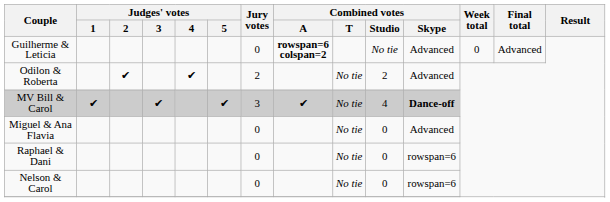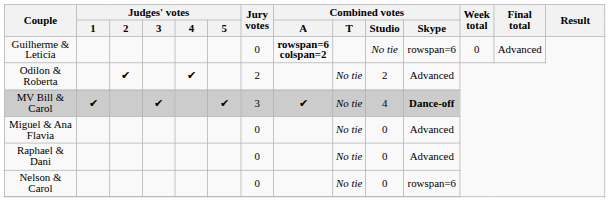 <table class="wikitable" style="font-size:100%; line-height:16px; text-align:center" width="100%">
 <tr>
 <th rowspan=2 width="11.00%">Couple</th>
 <th colspan=5 width="25.00%">Judges' votes</th>
 <th rowspan=2 width="05.00%">Jury<br>votes</th>
 <th colspan=4 width="20.00%">Combined votes</th>
 <th rowspan=2 width="05.00%">Week<br>total</th>
 <th rowspan=2 width="05.00%">Final<br>total</th>
 <th rowspan=2 width="09.00%">Result</th>
 </tr>
 <tr>
 <th width="05.00%">1</th>
 <th width="05.00%">2</th>
 <th width="05.00%">3</th>
 <th width="05.00%">4</th>
 <th width="05.00%">5</th>
 <th width="05.00%">A</th>
 <th width="05.00%">T</th>
 <th width="05.00%">Studio</th>
 <th width="05.00%">Skype</th>
 </tr>
 <tr>
 <td>Guilherme & Leticia</td>
 <td></td>
 <td></td>
 <td></td>
 <td></td>
 <td></td>
 <td>0</td>
 <td><strong>rowspan=6 colspan=2 </strong></td>
 <td></td>
 <td><em>No tie</em></td>
-<td>Advanced</td>
+<td>rowspan=6 </td>
 <td>0</td>
 <td>Advanced</td>
 </tr>
 <tr>
 <td>Odilon & Roberta</td>
 <td></td>
 <td>✔</td>
 <td></td>
 <td>✔</td>
 <td></td>
 <td>2</td>
 <td></td>
 <td><em>No tie</em></td>
 <td>2</td>
 <td>Advanced</td>
 </tr>
 <tr bgcolor="CCCCCC">
 <td>MV Bill & Carol</td>
 <td>✔</td>
 <td></td>
 <td>✔</td>
 <td></td>
 <td>✔</td>
 <td>3</td>
 <td>✔</td>
 <td><em>No tie</em></td>
 <td>4</td>
 <td><strong>Dance-off</strong></td>
 </tr>
 <tr>
 <td>Miguel & Ana Flavia</td>
 <td></td>
 <td></td>
 <td></td>
 <td></td>
 <td></td>
 <td>0</td>
 <td></td>
 <td><em>No tie</em></td>
 <td>0</td>
 <td>Advanced</td>
 </tr>
 <tr>
 <td>Raphael & Dani</td>
 <td></td>
 <td></td>
 <td></td>
 <td></td>
 <td></td>
 <td>0</td>
 <td></td>
 <td><em>No tie</em></td>
 <td>0</td>
-<td>rowspan=6 </td>
+<td>Advanced</td>
 </tr>
 <tr>
 <td>Nelson & Carol</td>
 <td></td>
 <td></td>
 <td></td>
 <td></td>
 <td></td>
 <td>0</td>
 <td></td>
 <td><em>No tie</em></td>
 <td>0</td>
 <td>rowspan=6 </td>
 </tr>
 <tr>
 </tr>
 </table>
